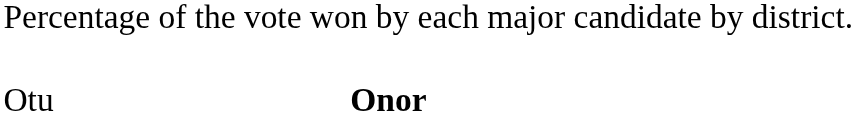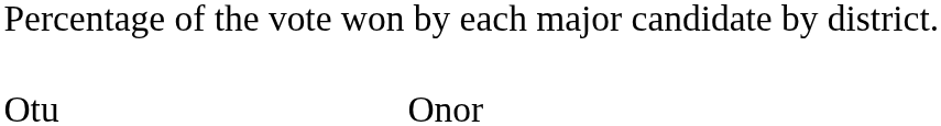 <table align=center>
 <tr>
 <td colspan=2>Percentage of the vote won by each major candidate by district.</td>
 </tr>
 <tr>
 <td><br>Otu<br> </td>
-<td><strong><br>Onor<br>  </strong></td>
+<td><br>Onor<br>  </td>
 </tr>
 </table>
